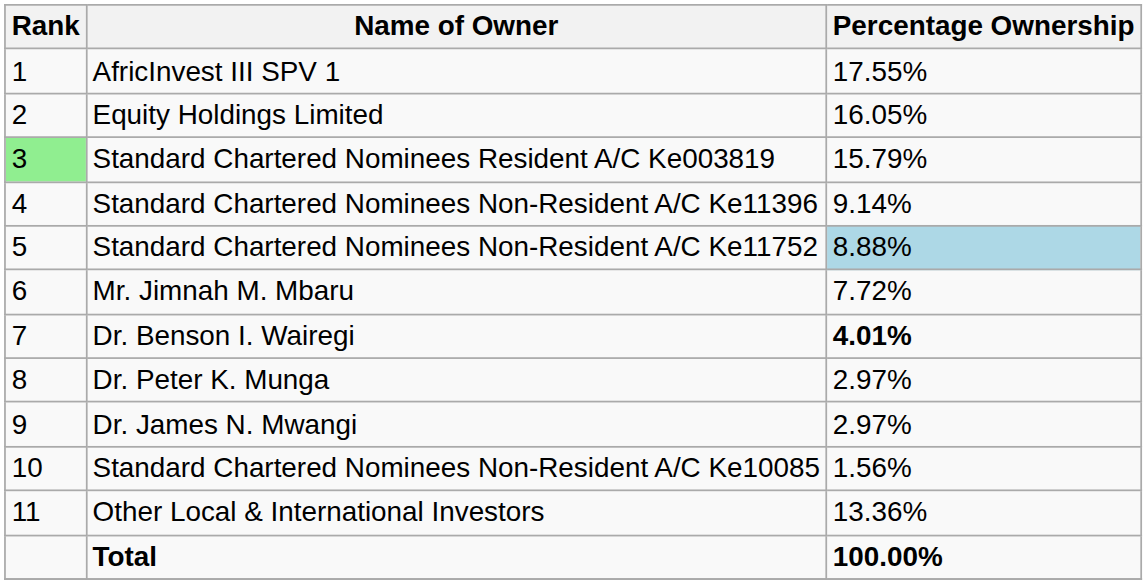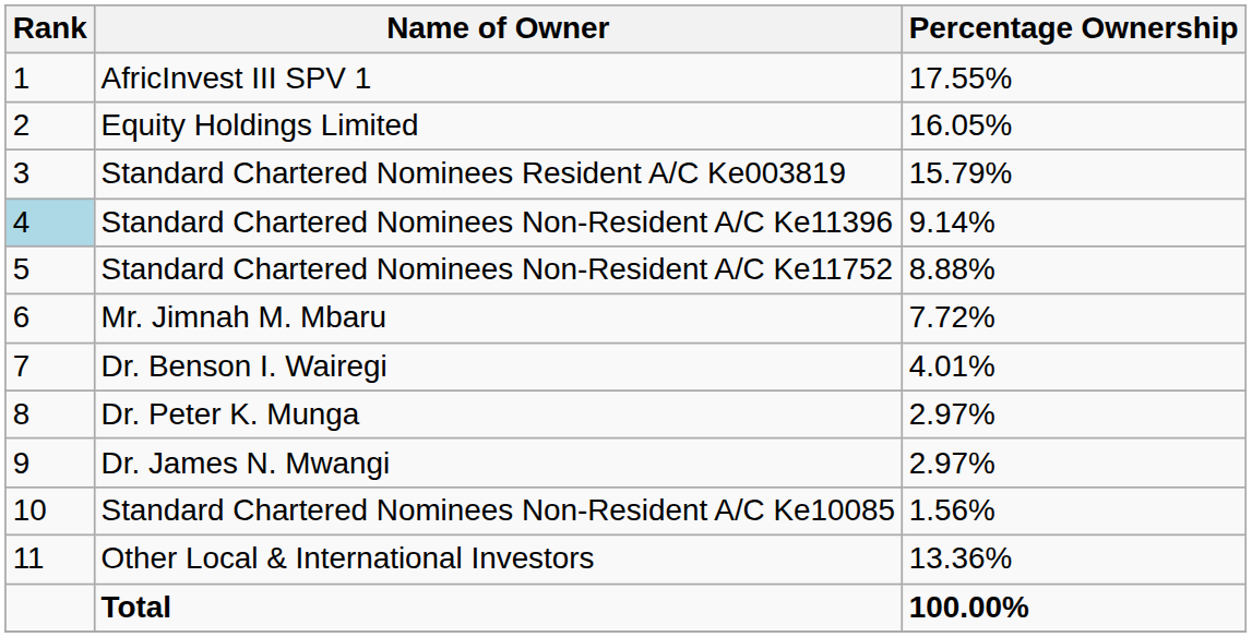 <table class="wikitable sortable" style="margin-left:auto;margin-right:auto">
 <tr>
 <th style="width:2em;">Rank</th>
 <th>Name of Owner</th>
 <th>Percentage Ownership</th>
 </tr>
 <tr>
 <td>1</td>
 <td>AfricInvest III SPV 1</td>
 <td>17.55%</td>
 </tr>
 <tr>
 <td>2</td>
 <td>Equity Holdings Limited</td>
 <td>16.05%</td>
 </tr>
 <tr>
-<td style="background: lightgreen;">3</td>
+<td>3</td>
 <td>Standard Chartered Nominees Resident A/C Ke003819</td>
 <td>15.79%</td>
 </tr>
 <tr>
-<td>4</td>
+<td style="background: lightblue;">4</td>
 <td>Standard Chartered Nominees Non-Resident A/C Ke11396</td>
 <td>9.14%</td>
 </tr>
 <tr>
 <td>5</td>
 <td>Standard Chartered Nominees Non-Resident A/C Ke11752</td>
-<td style="background: lightblue;">8.88%</td>
+<td>8.88%</td>
 </tr>
 <tr>
 <td>6</td>
 <td>Mr. Jimnah M. Mbaru</td>
 <td>7.72%</td>
 </tr>
 <tr>
 <td>7</td>
 <td>Dr. Benson I. Wairegi</td>
-<td><strong>4.01%</strong></td>
+<td>4.01%</td>
 </tr>
 <tr>
 <td>8</td>
 <td>Dr. Peter K. Munga</td>
 <td>2.97%</td>
 </tr>
 <tr>
 <td>9</td>
 <td>Dr. James N. Mwangi</td>
 <td>2.97%</td>
 </tr>
 <tr>
 <td>10</td>
 <td>Standard Chartered Nominees Non-Resident A/C Ke10085</td>
 <td>1.56%</td>
 </tr>
 <tr>
 <td>11</td>
 <td>Other Local & International Investors</td>
 <td>13.36%</td>
 </tr>
 <tr>
 <td></td>
 <td><strong>Total</strong></td>
 <td><strong>100.00%</strong></td>
 </tr>
 <tr>
 </tr>
 </table>
